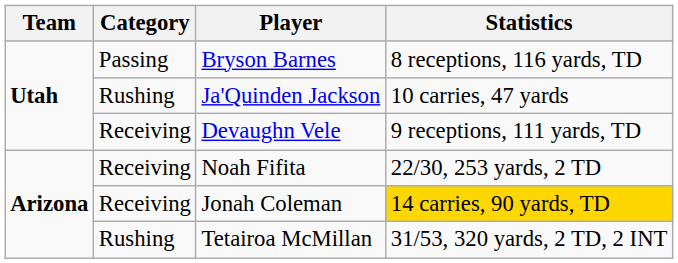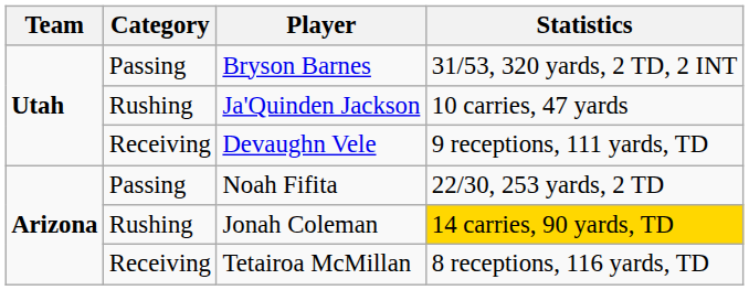 <table class="wikitable" style="float: right;">
 <tr>
 <th>Team</th>
 <th>Category</th>
 <th>Player</th>
 <th>Statistics</th>
 </tr>
 <tr>
 <td rowspan=3><strong>Utah</strong></td>
 <td>Passing</td>
 <td><a href='#'>Bryson Barnes</a></td>
-<td>8 receptions, 116 yards, TD</td>
+<td>31/53, 320 yards, 2 TD, 2 INT</td>
 </tr>
 <tr>
 <td>Rushing</td>
 <td><a href='#'>Ja'Quinden Jackson</a></td>
 <td>10 carries, 47 yards</td>
 </tr>
 <tr>
 <td>Receiving</td>
 <td><a href='#'>Devaughn Vele</a></td>
 <td>9 receptions, 111 yards, TD</td>
 </tr>
 <tr>
 <td rowspan=3><strong>Arizona</strong></td>
-<td>Receiving</td>
+<td>Passing</td>
 <td>Noah Fifita</td>
 <td>22/30, 253 yards, 2 TD</td>
 </tr>
 <tr>
-<td>Receiving</td>
+<td>Rushing</td>
 <td>Jonah Coleman</td>
 <td style="background: gold;">14 carries, 90 yards, TD</td>
 </tr>
 <tr>
-<td>Rushing</td>
+<td>Receiving</td>
 <td>Tetairoa McMillan</td>
-<td>31/53, 320 yards, 2 TD, 2 INT</td>
+<td>8 receptions, 116 yards, TD</td>
 </tr>
 </table>
